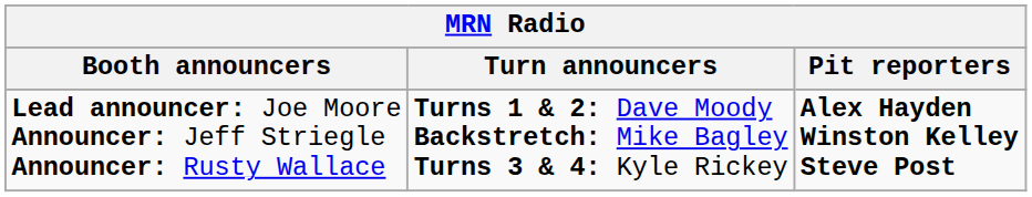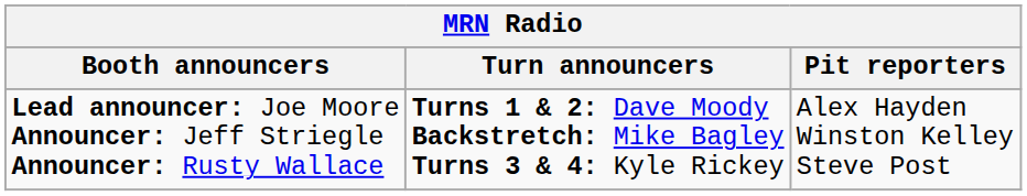 <table class="wikitable" style="font-size: 95%;">
 <tr>
 <th colspan="3"><a href='#'>MRN</a> Radio</th>
 </tr>
 <tr>
 <th>Booth announcers</th>
 <th>Turn announcers</th>
 <th>Pit reporters</th>
 </tr>
 <tr>
 <td><strong>Lead announcer:</strong> Joe Moore<br><strong>Announcer:</strong> Jeff Striegle<br><strong>Announcer:</strong> <a href='#'>Rusty Wallace</a></td>
 <td><strong>Turns 1 & 2:</strong> <a href='#'>Dave Moody</a><br><strong>Backstretch:</strong> <a href='#'>Mike Bagley</a><br><strong>Turns 3 & 4:</strong> Kyle Rickey</td>
-<td><strong>Alex Hayden<br>Winston Kelley<br>Steve Post</strong></td>
+<td>Alex Hayden<br>Winston Kelley<br>Steve Post</td>
 </tr>
 </table>
